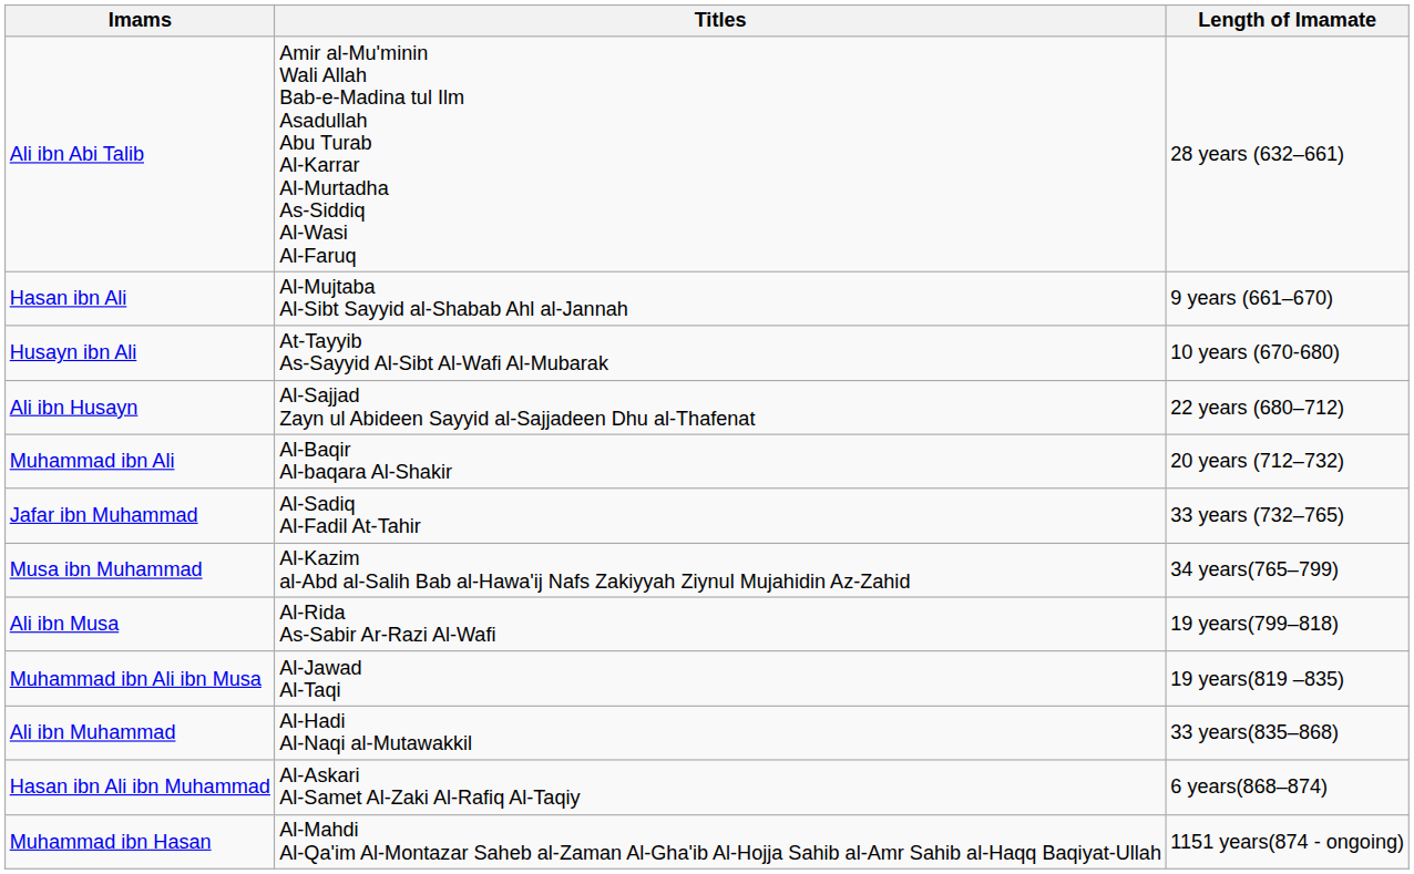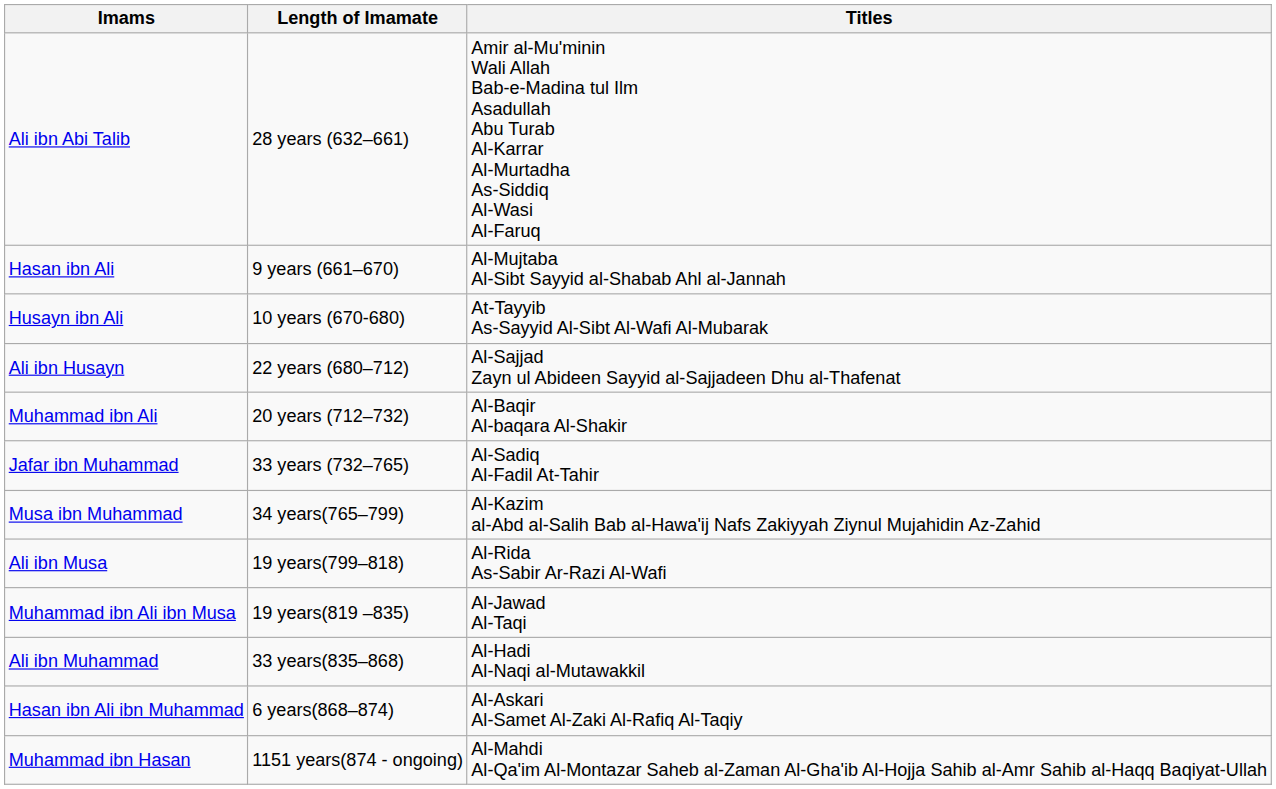 <table class="wikitable">
 <tr>
 <th>Imams</th>
+<th>Length of Imamate</th>
 <th>Titles</th>
-<th>Length of Imamate</th>
 </tr>
 <tr>
 <td><a href='#'>Ali ibn Abi Talib</a></td>
+<td>28 years (632–661)</td>
 <td>Amir al-Mu'minin<br>Wali Allah<br>Bab-e-Madina tul Ilm<br>Asadullah<br>Abu Turab<br>Al-Karrar<br>Al-Murtadha<br>As-Siddiq<br>Al-Wasi<br>Al-Faruq</td>
-<td>28 years (632–661)</td>
 </tr>
 <tr>
 <td><a href='#'>Hasan ibn Ali</a></td>
+<td>9 years (661–670)</td>
 <td>Al-Mujtaba<br>Al-Sibt Sayyid al-Shabab Ahl al-Jannah</td>
-<td>9 years (661–670)</td>
 </tr>
 <tr>
 <td><a href='#'>Husayn ibn Ali</a></td>
+<td>10 years (670-680)</td>
 <td>At-Tayyib<br>As-Sayyid Al-Sibt Al-Wafi Al-Mubarak</td>
-<td>10 years (670-680)</td>
 </tr>
 <tr>
 <td><a href='#'>Ali ibn Husayn</a></td>
+<td>22  years (680–712)</td>
 <td>Al-Sajjad<br>Zayn ul Abideen Sayyid al-Sajjadeen Dhu al-Thafenat</td>
-<td>22  years (680–712)</td>
 </tr>
 <tr>
 <td><a href='#'>Muhammad ibn Ali</a></td>
+<td>20 years (712–732)</td>
 <td>Al-Baqir<br>Al-baqara  Al-Shakir</td>
-<td>20 years (712–732)</td>
 </tr>
 <tr>
 <td><a href='#'>Jafar ibn Muhammad</a></td>
+<td>33 years (732–765)</td>
 <td>Al-Sadiq<br>Al-Fadil At-Tahir</td>
-<td>33 years (732–765)</td>
 </tr>
 <tr>
 <td><a href='#'>Musa ibn Muhammad</a></td>
+<td>34 years(765–799)</td>
 <td>Al-Kazim<br>al-Abd al-Salih Bab al-Hawa'ij Nafs Zakiyyah Ziynul Mujahidin Az-Zahid</td>
-<td>34 years(765–799)</td>
 </tr>
 <tr>
 <td><a href='#'>Ali ibn Musa</a></td>
+<td>19 years(799–818)</td>
 <td>Al-Rida<br>As-Sabir Ar-Razi Al-Wafi</td>
-<td>19 years(799–818)</td>
 </tr>
 <tr>
 <td><a href='#'>Muhammad ibn Ali ibn Musa</a></td>
+<td>19 years(819 –835)</td>
 <td>Al-Jawad<br>Al-Taqi</td>
-<td>19 years(819 –835)</td>
 </tr>
 <tr>
 <td><a href='#'>Ali ibn Muhammad</a></td>
+<td>33 years(835–868)</td>
 <td>Al-Hadi<br>Al-Naqi al-Mutawakkil</td>
-<td>33 years(835–868)</td>
 </tr>
 <tr>
 <td><a href='#'>Hasan ibn Ali ibn Muhammad</a></td>
+<td>6 years(868–874)</td>
 <td>Al-Askari<br>Al-Samet Al-Zaki Al-Rafiq Al-Taqiy</td>
-<td>6 years(868–874)</td>
 </tr>
 <tr>
 <td><a href='#'>Muhammad ibn Hasan</a></td>
+<td>1151 years(874 - ongoing)</td>
 <td>Al-Mahdi<br>Al-Qa'im Al-Montazar Saheb al-Zaman Al-Gha'ib Al-Hojja Sahib al-Amr Sahib al-Haqq Baqiyat-Ullah</td>
-<td>1151 years(874 - ongoing)</td>
 </tr>
 </table>
